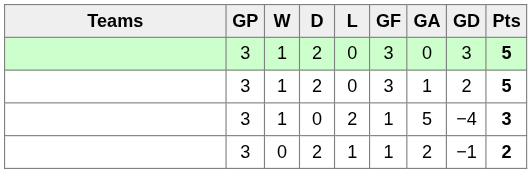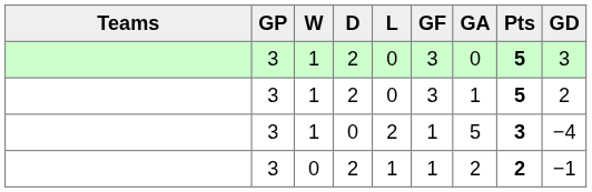 <table style=border-collapse:collapse border=1 cellspacing=0 cellpadding=5>
 <tr align=center bgcolor=#efefef>
 <th width=185>Teams</th>
 <th width=20>GP</th>
 <th width=20>W</th>
 <th width=20>D</th>
 <th width=20>L</th>
 <th width=20>GF</th>
 <th width=20>GA</th>
+<th width=20>Pts</th>
 <th width=20>GD</th>
-<th width=20>Pts</th>
 </tr>
 <tr align=center style="background:#ccffcc;">
 <td style="text-align:left;"></td>
 <td>3</td>
 <td>1</td>
 <td>2</td>
 <td>0</td>
 <td>3</td>
 <td>0</td>
+<td><strong>5</strong></td>
 <td>3</td>
-<td><strong>5</strong></td>
 </tr>
 <tr align=center>
 <td style="text-align:left;"></td>
 <td>3</td>
 <td>1</td>
 <td>2</td>
 <td>0</td>
 <td>3</td>
 <td>1</td>
+<td><strong>5</strong></td>
 <td>2</td>
-<td><strong>5</strong></td>
 </tr>
 <tr align=center>
 <td style="text-align:left;"></td>
 <td>3</td>
 <td>1</td>
 <td>0</td>
 <td>2</td>
 <td>1</td>
 <td>5</td>
+<td><strong>3</strong></td>
 <td>−4</td>
-<td><strong>3</strong></td>
 </tr>
 <tr align=center>
 <td style="text-align:left;"></td>
 <td>3</td>
 <td>0</td>
 <td>2</td>
 <td>1</td>
 <td>1</td>
 <td>2</td>
+<td><strong>2</strong></td>
 <td>−1</td>
-<td><strong>2</strong></td>
 </tr>
 </table>
